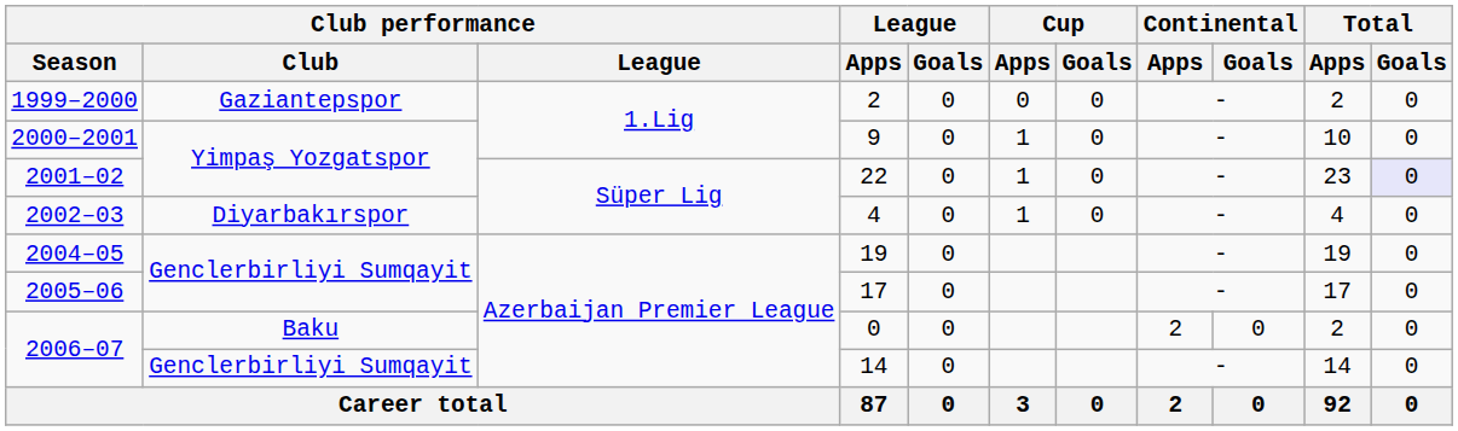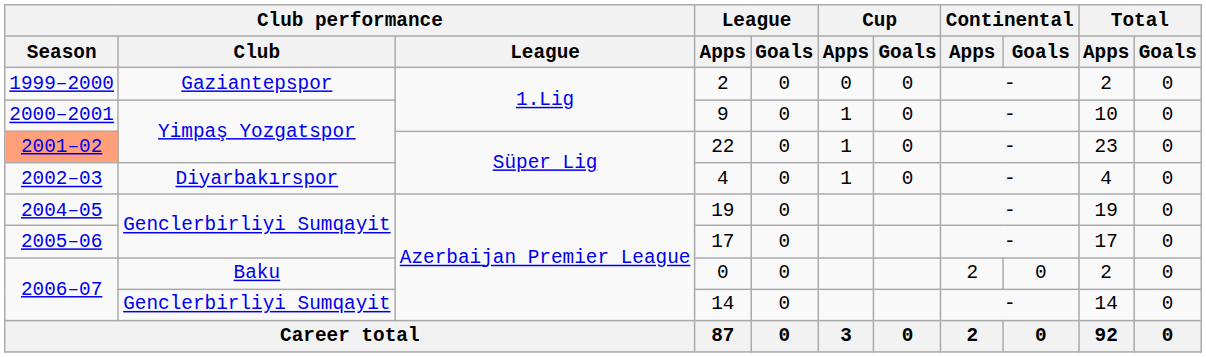 <table class="wikitable" style="text-align:center">
 <tr>
 <th colspan=3>Club performance</th>
 <th colspan=2>League</th>
 <th colspan=2>Cup</th>
 <th colspan=2>Continental</th>
 <th colspan=2>Total</th>
 </tr>
 <tr>
 <th>Season</th>
 <th>Club</th>
 <th>League</th>
 <th>Apps</th>
 <th>Goals</th>
 <th>Apps</th>
 <th>Goals</th>
 <th>Apps</th>
 <th>Goals</th>
 <th>Apps</th>
 <th>Goals</th>
 </tr>
 <tr>
 <td><a href='#'>1999–2000</a></td>
 <td><a href='#'>Gaziantepspor</a></td>
 <td rowspan="2"><a href='#'>1.Lig</a></td>
 <td>2</td>
 <td>0</td>
 <td>0</td>
 <td>0</td>
 <td colspan="2">-</td>
 <td>2</td>
 <td>0</td>
 </tr>
 <tr>
 <td><a href='#'>2000–2001</a></td>
 <td rowspan="2"><a href='#'>Yimpaş Yozgatspor</a></td>
 <td>9</td>
 <td>0</td>
 <td>1</td>
 <td>0</td>
 <td colspan="2">-</td>
 <td>10</td>
 <td>0</td>
 </tr>
 <tr>
-<td><a href='#'>2001–02</a></td>
+<td style="background: lightsalmon;"><a href='#'>2001–02</a></td>
 <td rowspan="2"><a href='#'>Süper Lig</a></td>
 <td>22</td>
 <td>0</td>
 <td>1</td>
 <td>0</td>
 <td colspan="2">-</td>
 <td>23</td>
-<td style="background: lavender;">0</td>
+<td>0</td>
 </tr>
 <tr>
 <td><a href='#'>2002–03</a></td>
 <td><a href='#'>Diyarbakırspor</a></td>
 <td>4</td>
 <td>0</td>
 <td>1</td>
 <td>0</td>
 <td colspan="2">-</td>
 <td>4</td>
 <td>0</td>
 </tr>
 <tr>
 <td><a href='#'>2004–05</a></td>
 <td rowspan="2"><a href='#'>Genclerbirliyi Sumqayit</a></td>
 <td rowspan="4"><a href='#'>Azerbaijan Premier League</a></td>
 <td>19</td>
 <td>0</td>
 <td></td>
 <td></td>
 <td colspan="2">-</td>
 <td>19</td>
 <td>0</td>
 </tr>
 <tr>
 <td><a href='#'>2005–06</a></td>
 <td>17</td>
 <td>0</td>
 <td></td>
 <td></td>
 <td colspan="2">-</td>
 <td>17</td>
 <td>0</td>
 </tr>
 <tr>
 <td rowspan="2"><a href='#'>2006–07</a></td>
 <td><a href='#'>Baku</a></td>
 <td>0</td>
 <td>0</td>
 <td></td>
 <td></td>
 <td>2</td>
 <td>0</td>
 <td>2</td>
 <td>0</td>
 </tr>
 <tr>
 <td><a href='#'>Genclerbirliyi Sumqayit</a></td>
 <td>14</td>
 <td>0</td>
 <td></td>
 <td></td>
 <td colspan="2">-</td>
 <td>14</td>
 <td>0</td>
 </tr>
 <tr>
 <th colspan=3>Career total</th>
 <th>87</th>
 <th>0</th>
 <th>3</th>
 <th>0</th>
 <th>2</th>
 <th>0</th>
 <th>92</th>
 <th>0</th>
 </tr>
 </table>
